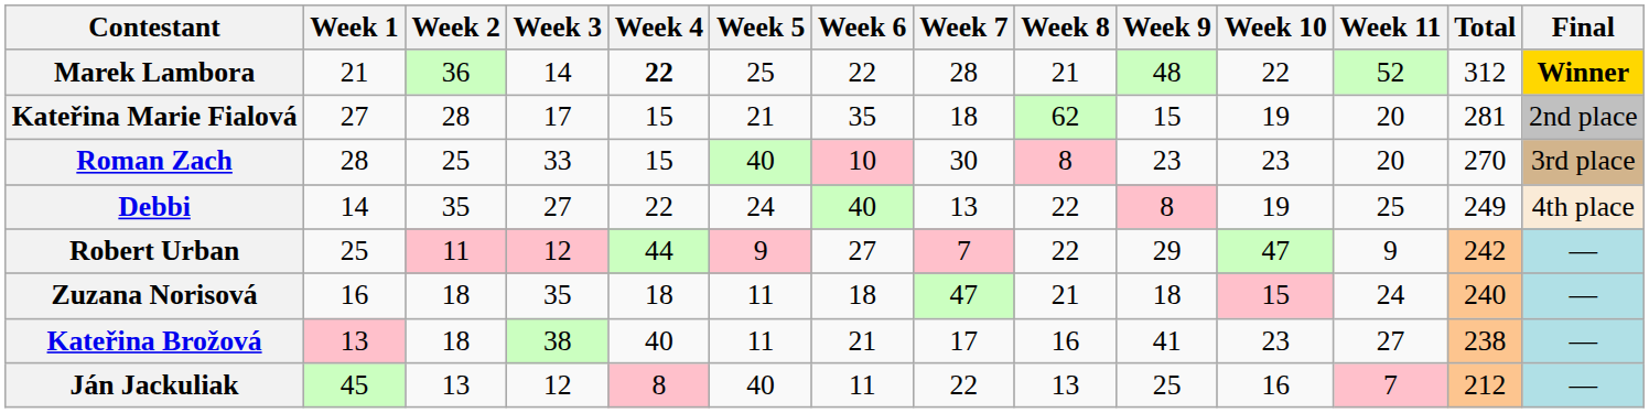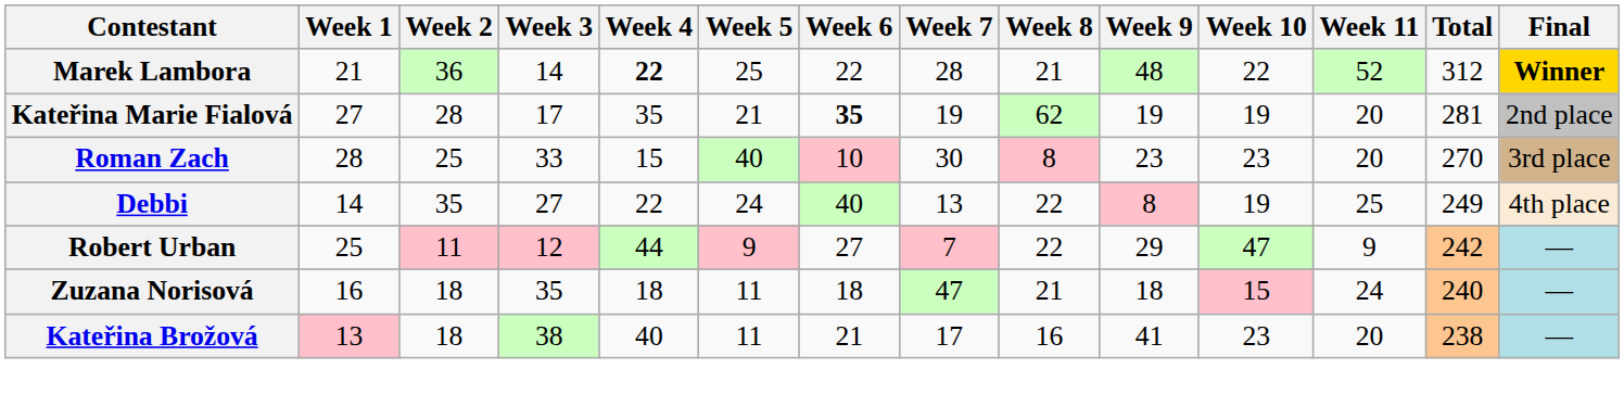 <table class="wikitable sortable" style="text-align:center">
 <tr>
 <th>Contestant</th>
 <th>Week 1</th>
 <th>Week 2</th>
 <th>Week 3</th>
 <th>Week 4</th>
 <th>Week 5</th>
 <th>Week 6</th>
 <th>Week 7</th>
 <th>Week 8</th>
 <th>Week 9</th>
 <th>Week 10</th>
 <th>Week 11</th>
 <th>Total</th>
 <th>Final</th>
 </tr>
 <tr>
 <th>Marek Lambora</th>
 <td>21</td>
 <td style="background:#cbffc0">36</td>
 <td>14</td>
 <td><strong>22</strong></td>
 <td>25</td>
 <td>22</td>
 <td>28</td>
 <td>21</td>
 <td style="background:#cbffc0">48</td>
 <td>22</td>
 <td style="background:#cbffc0">52</td>
 <td>312</td>
 <td style="background:gold"><strong>Winner</strong></td>
 </tr>
 <tr>
 <th>Kateřina Marie Fialová</th>
 <td>27</td>
 <td>28</td>
 <td>17</td>
-<td>15</td>
+<td>35</td>
 <td>21</td>
-<td>35</td>
-<td>18</td>
+<td><strong>35</strong></td>
+<td>19</td>
 <td style="background:#cbffc0">62</td>
-<td>15</td>
+<td>19</td>
 <td>19</td>
 <td>20</td>
 <td>281</td>
 <td style="background:silver">2nd place</td>
 </tr>
 <tr>
 <th><a href='#'>Roman Zach</a></th>
 <td>28</td>
 <td>25</td>
 <td>33</td>
 <td>15</td>
 <td data-sort-value=a; style="background:#cbffc0">40</td>
 <td style="background:pink">10</td>
 <td>30</td>
 <td style="background:pink">8</td>
 <td>23</td>
 <td>23</td>
 <td>20</td>
 <td>270</td>
 <td style="background:tan">3rd place</td>
 </tr>
 <tr>
 <th><a href='#'>Debbi</a></th>
 <td>14</td>
 <td>35</td>
 <td>27</td>
 <td>22</td>
 <td>24</td>
 <td style="background:#cbffc0">40</td>
 <td>13</td>
 <td>22</td>
 <td style="background:pink">8</td>
 <td>19</td>
 <td>25</td>
 <td>249</td>
 <td style="background:antiquewhite">4th place</td>
 </tr>
 <tr>
 <th>Robert Urban</th>
 <td>25</td>
 <td style="background:pink">11</td>
 <td data-sort-value=1; style="background:pink">12</td>
 <td style="background:#cbffc0">44</td>
 <td style="background:pink">9</td>
 <td>27</td>
 <td style="background:pink">7</td>
 <td>22</td>
 <td>29</td>
 <td style="background:#cbffc0">47</td>
 <td>9</td>
 <td style="background:#fdc58f;">242</td>
 <td style="background:#b0e0e6;">—</td>
 </tr>
 <tr>
 <th>Zuzana Norisová</th>
 <td>16</td>
 <td>18</td>
 <td>35</td>
 <td>18</td>
 <td>11</td>
 <td>18</td>
 <td style="background:#cbffc0">47</td>
 <td>21</td>
 <td>18</td>
 <td style="background:pink">15</td>
 <td>24</td>
 <td style="background:#fdc58f;">240</td>
 <td style="background:#b0e0e6;">—</td>
 </tr>
 <tr>
 <th><a href='#'>Kateřina Brožová</a></th>
 <td style="background:pink">13</td>
 <td>18</td>
 <td style="background:#cbffc0">38</td>
 <td>40</td>
 <td>11</td>
 <td>21</td>
 <td>17</td>
 <td>16</td>
 <td>41</td>
 <td>23</td>
-<td>27</td>
+<td>20</td>
 <td style="background:#fdc58f;">238</td>
 <td style="background:#b0e0e6;">—</td>
 </tr>
-<tr>
-<th>Ján Jackuliak</th>
-<td style="background:#cbffc0">45</td>
-<td>13</td>
-<td>12</td>
-<td style="background:pink">8</td>
-<td>40</td>
-<td>11</td>
-<td>22</td>
-<td>13</td>
-<td>25</td>
-<td>16</td>
-<td style="background:pink">7</td>
-<td style="background:#fdc58f;">212</td>
-<td style="background:#b0e0e6;">—</td>
-</tr>
 </table>
